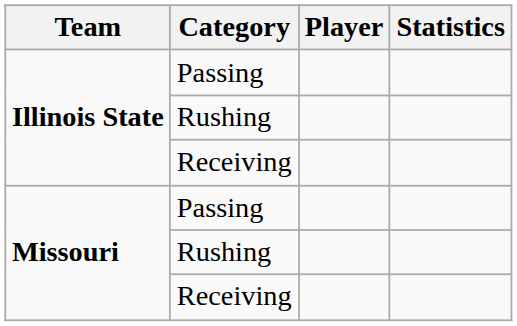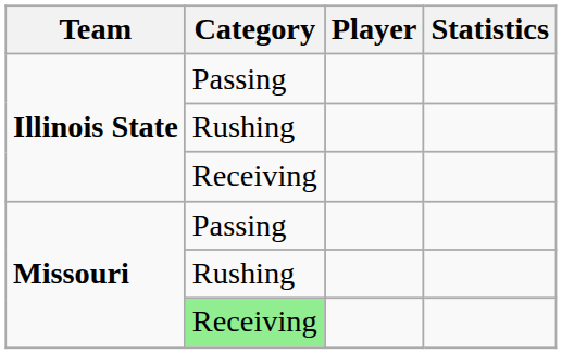 <table class="wikitable" style="float: right;">
 <tr>
 <th>Team</th>
 <th>Category</th>
 <th>Player</th>
 <th>Statistics</th>
 </tr>
 <tr>
 <td rowspan=3><strong>Illinois State</strong></td>
 <td>Passing</td>
 <td></td>
 <td></td>
 </tr>
 <tr>
 <td>Rushing</td>
 <td></td>
 <td></td>
 </tr>
 <tr>
 <td>Receiving</td>
 <td></td>
 <td></td>
 </tr>
 <tr>
 <td rowspan=3><strong>Missouri</strong></td>
 <td>Passing</td>
 <td></td>
 <td></td>
 </tr>
 <tr>
 <td>Rushing</td>
 <td></td>
 <td></td>
 </tr>
 <tr>
-<td>Receiving</td>
+<td style="background: lightgreen;">Receiving</td>
 <td></td>
 <td></td>
 </tr>
 </table>
